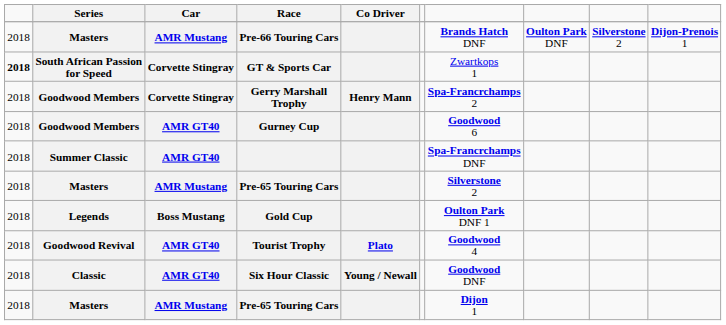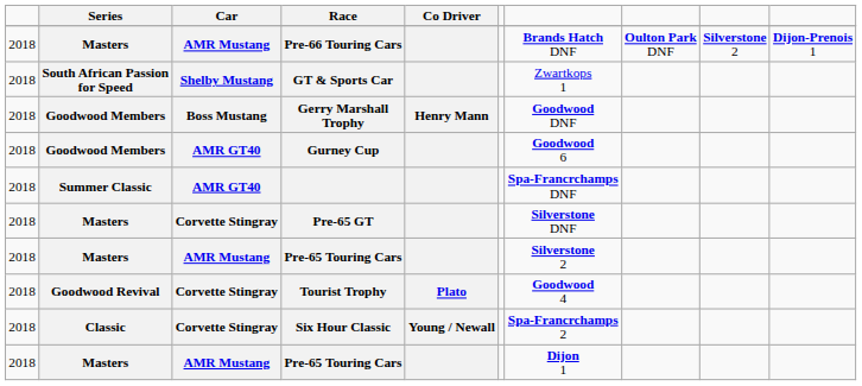 <table class="wikitable" style="text-align:center; font-size:70%">
 <tr>
 <td></td>
 <th>Series</th>
 <th>Car</th>
 <th>Race</th>
 <th>Co Driver</th>
 <td></td>
 <td></td>
 <td></td>
 <td></td>
 <td></td>
 </tr>
 <tr>
 </tr>
 <tr>
 <td>2018</td>
 <th>Masters</th>
 <th><a href='#'>AMR Mustang</a></th>
 <th>Pre-66 Touring Cars</th>
 <th></th>
 <td></td>
 <td><strong><a href='#'>Brands Hatch</a></strong><br>DNF</td>
 <td><strong><a href='#'>Oulton Park</a></strong><br>DNF</td>
 <td><strong><a href='#'>Silverstone</a></strong><br>2</td>
 <td><strong><a href='#'>Dijon-Prenois</a></strong><br>1</td>
 </tr>
 <tr>
-<td><strong>2018</strong></td>
+<td>2018</td>
 <th>South African Passion<br>for Speed</th>
-<th>Corvette Stingray</th>
+<th><a href='#'>Shelby Mustang</a></th>
 <th>GT & Sports Car</th>
 <th></th>
 <td></td>
 <td><a href='#'>Zwartkops</a><br>1</td>
 <td></td>
 <td></td>
 <td></td>
 </tr>
 <tr>
 <td>2018</td>
 <th>Goodwood Members</th>
-<th>Corvette Stingray</th>
+<th>Boss Mustang</th>
 <th>Gerry Marshall<br>Trophy</th>
 <th>Henry Mann</th>
 <td></td>
-<td><strong><a href='#'>Spa-Francrchamps</a></strong><br>2</td>
+<td><strong><a href='#'>Goodwood</a></strong><br>DNF</td>
 <td></td>
 <td></td>
 <td></td>
 </tr>
 <tr>
 <td>2018</td>
 <th>Goodwood Members</th>
 <th><a href='#'>AMR GT40</a></th>
 <th>Gurney Cup</th>
 <th></th>
 <td></td>
 <td><strong><a href='#'>Goodwood</a></strong><br>6</td>
 <td></td>
 <td></td>
 <td></td>
 </tr>
 <tr>
 <td>2018</td>
 <th>Summer Classic</th>
 <th><a href='#'>AMR GT40</a></th>
 <th></th>
 <th></th>
 <td></td>
 <td><strong><a href='#'>Spa-Francrchamps</a></strong><br>DNF</td>
 <td></td>
 <td></td>
 <td></td>
 </tr>
 <tr>
 <td>2018</td>
 <th>Masters</th>
+<th>Corvette Stingray</th>
+<th>Pre-65 GT</th>
+<th></th>
+<td></td>
+<td><strong><a href='#'>Silverstone</a></strong><br>DNF</td>
+<td></td>
+<td></td>
+<td></td>
+</tr>
+<tr>
+<td>2018</td>
+<th>Masters</th>
 <th><a href='#'>AMR Mustang</a></th>
 <th>Pre-65 Touring Cars</th>
 <th></th>
 <td></td>
 <td><strong><a href='#'>Silverstone</a></strong><br>2</td>
 <td></td>
 <td></td>
 <td></td>
 </tr>
 <tr>
 <td>2018</td>
-<th>Legends</th>
-<th>Boss Mustang</th>
-<th>Gold Cup</th>
-<th></th>
-<td></td>
-<td><strong><a href='#'>Oulton Park</a></strong><br>DNF 1</td>
-<td></td>
-<td></td>
-<td></td>
-</tr>
-<tr>
-<td>2018</td>
 <th>Goodwood Revival</th>
-<th><a href='#'>AMR GT40</a></th>
+<th>Corvette Stingray</th>
 <th>Tourist Trophy</th>
 <th><a href='#'>Plato</a></th>
 <td></td>
 <td><strong><a href='#'>Goodwood</a></strong><br>4</td>
 <td></td>
 <td></td>
 <td></td>
 </tr>
 <tr>
 <td>2018</td>
 <th>Classic</th>
-<th><a href='#'>AMR GT40</a></th>
+<th>Corvette Stingray</th>
 <th>Six Hour Classic</th>
 <th>Young / Newall</th>
 <td></td>
-<td><strong><a href='#'>Goodwood</a></strong><br>DNF</td>
+<td><strong><a href='#'>Spa-Francrchamps</a></strong><br>2</td>
 <td></td>
 <td></td>
 <td></td>
 </tr>
 <tr>
 <td>2018</td>
 <th>Masters</th>
 <th><a href='#'>AMR Mustang</a></th>
 <th>Pre-65 Touring Cars</th>
 <th></th>
 <td></td>
 <td><strong><a href='#'>Dijon</a></strong><br>1</td>
 <td></td>
 <td></td>
 <td></td>
 </tr>
 </table>
